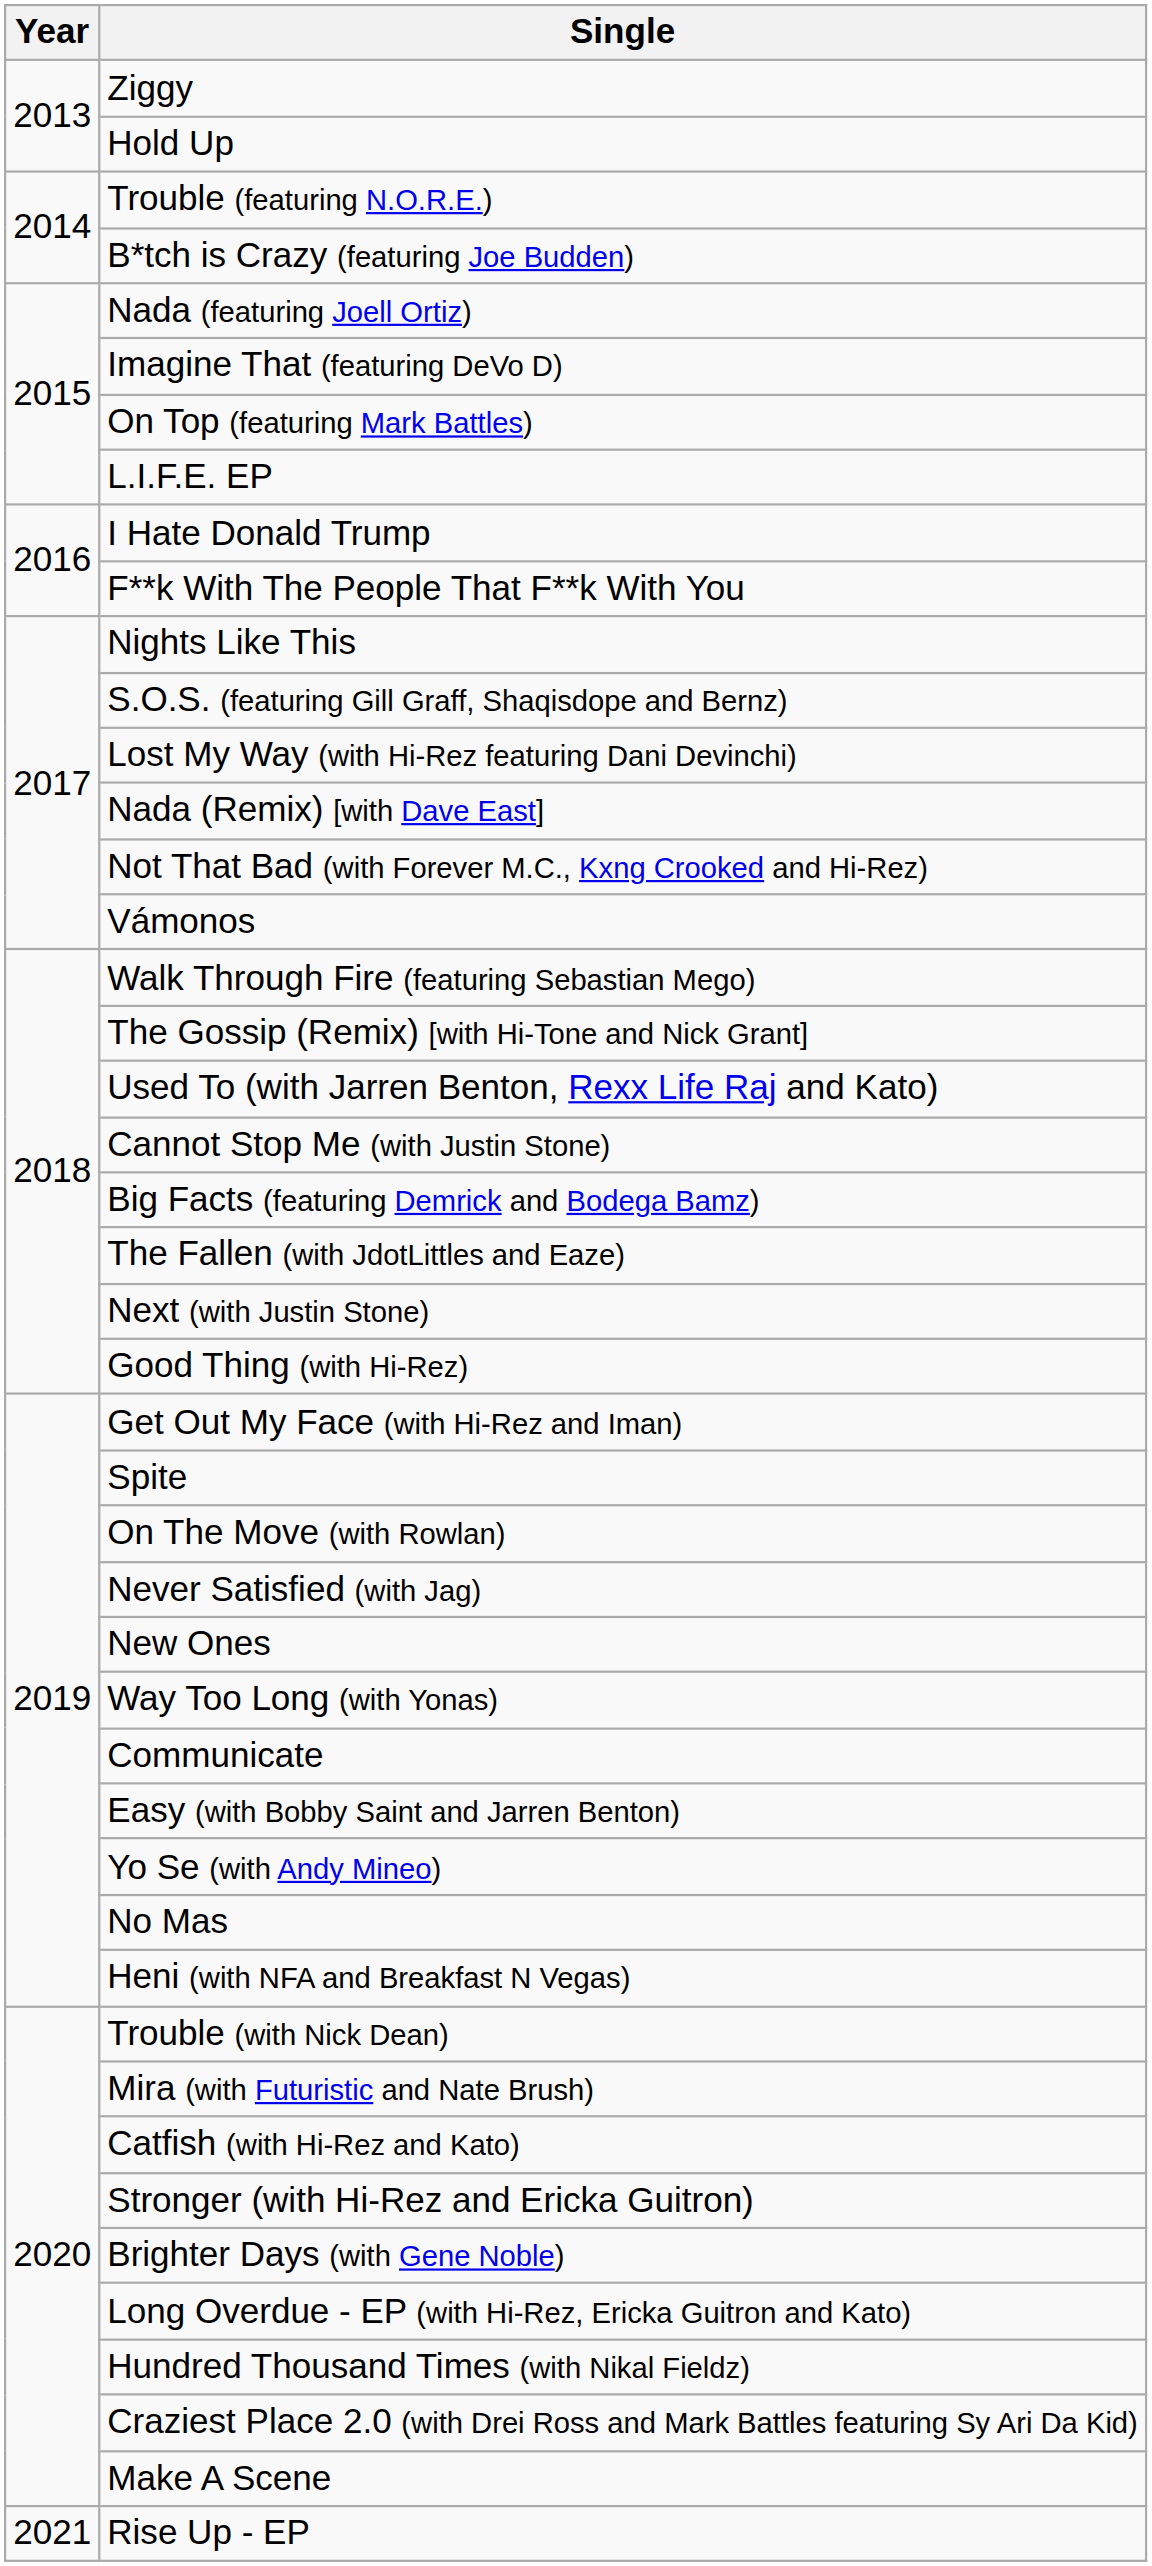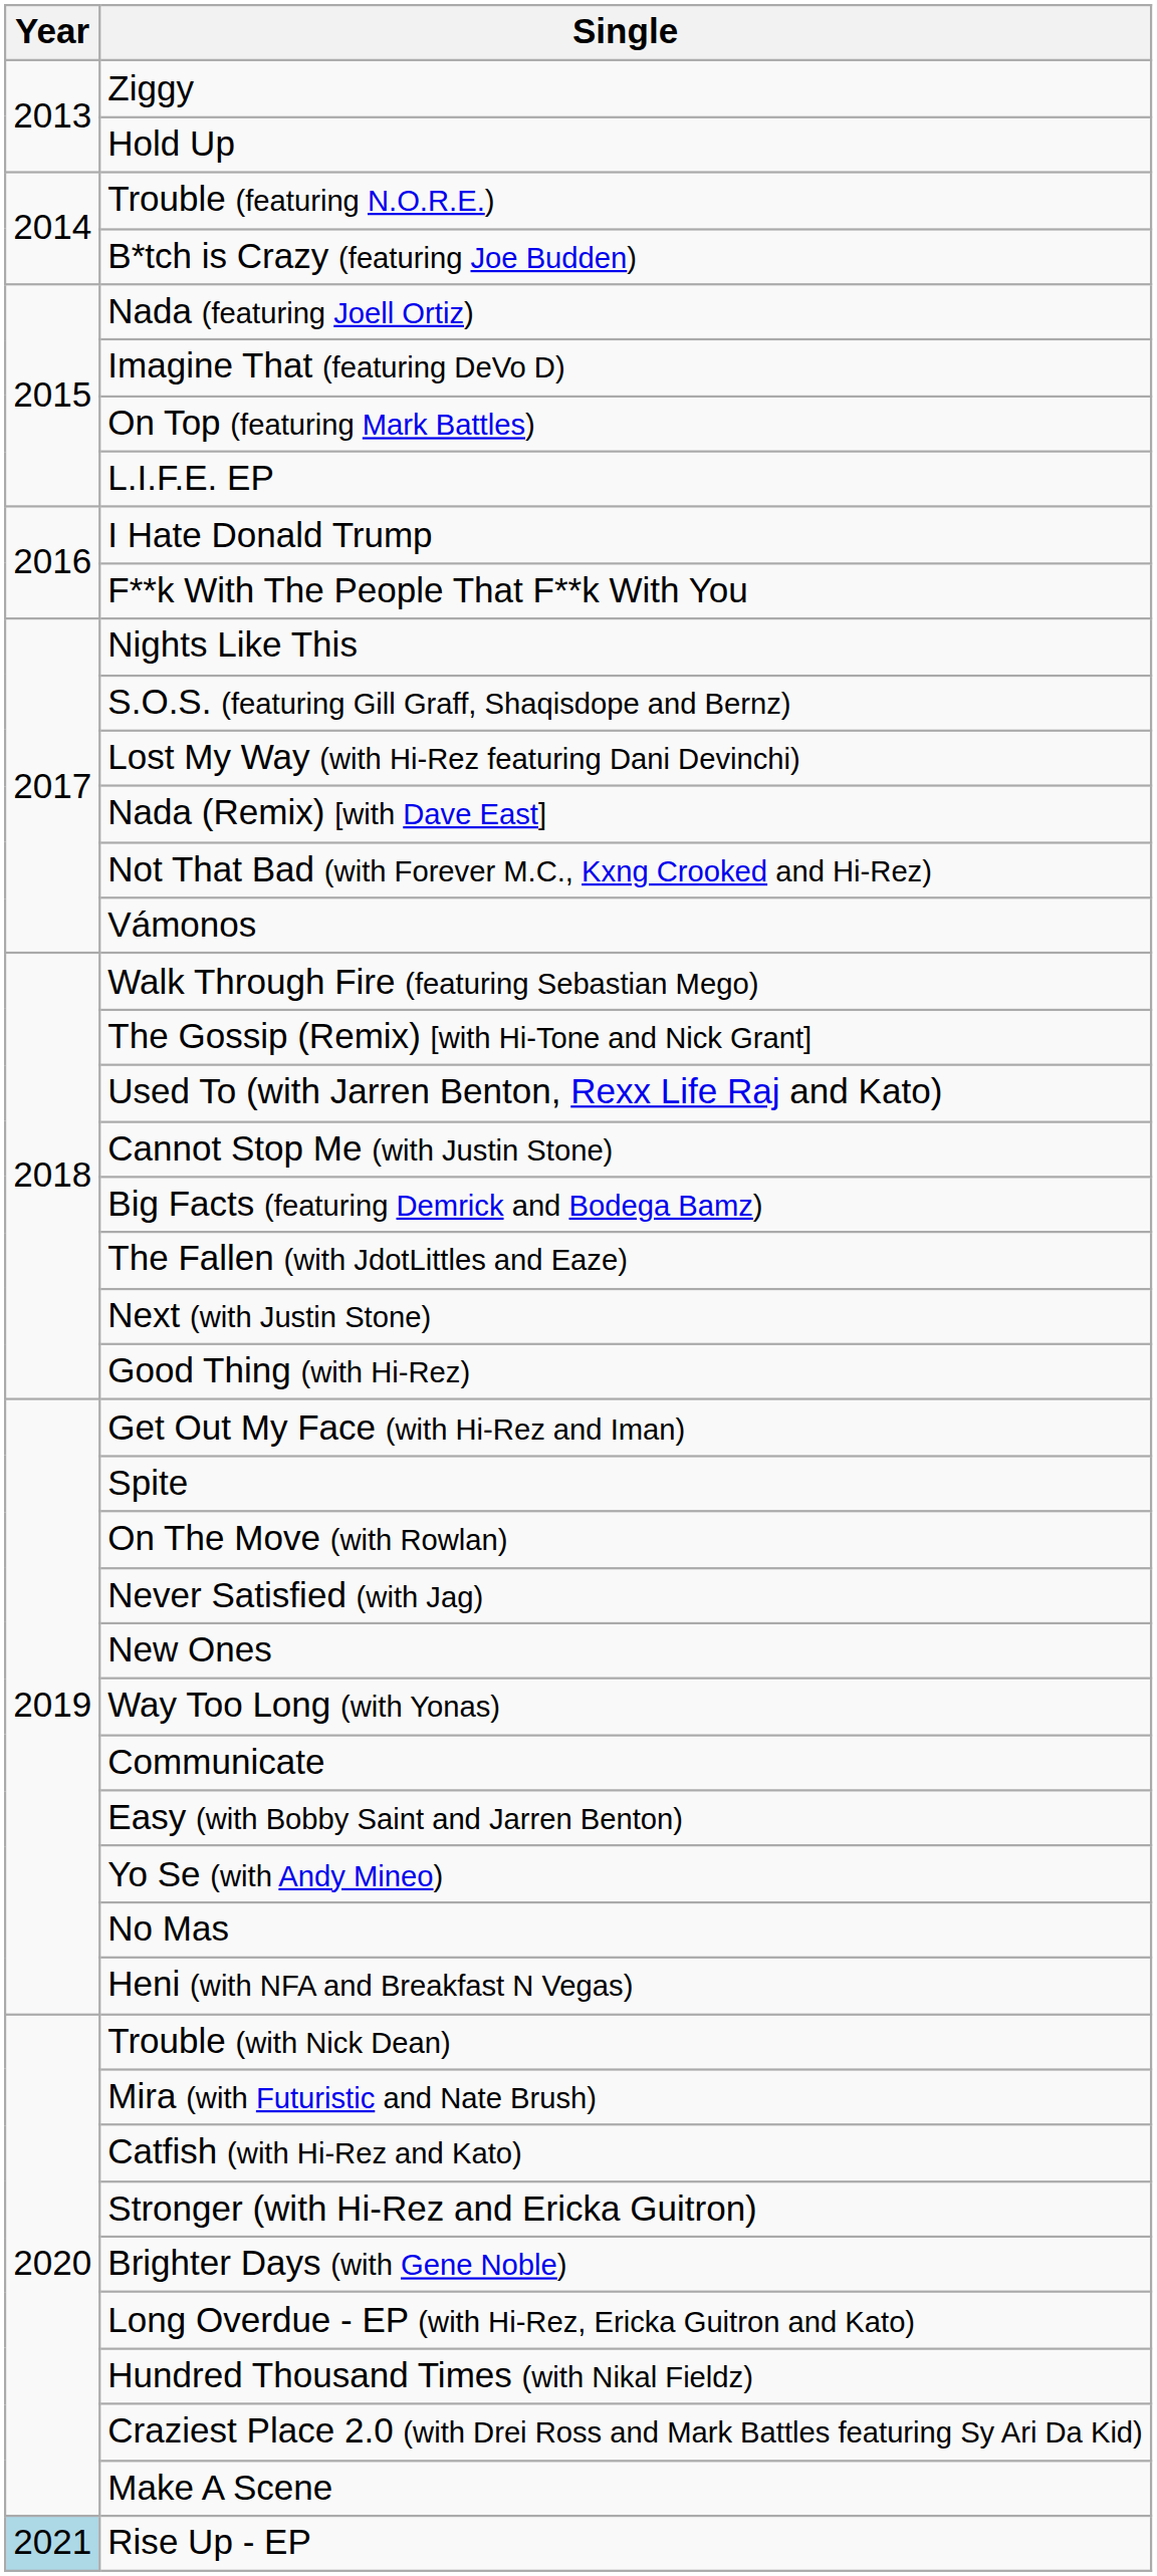 <table class="wikitable">
 <tr>
 <th>Year</th>
 <th>Single</th>
 </tr>
 <tr>
 <td rowspan="2">2013</td>
 <td>Ziggy</td>
 </tr>
 <tr>
 <td>Hold Up</td>
 </tr>
 <tr>
 <td rowspan="2">2014</td>
 <td>Trouble <small>(featuring <a href='#'>N.O.R.E.</a>)</small></td>
 </tr>
 <tr>
 <td>B*tch is Crazy <small>(featuring <a href='#'>Joe Budden</a>)</small></td>
 </tr>
 <tr>
 <td rowspan="4">2015</td>
 <td>Nada <small>(featuring <a href='#'>Joell Ortiz</a>)</small></td>
 </tr>
 <tr>
 <td>Imagine That <small>(featuring DeVo D)</small></td>
 </tr>
 <tr>
 <td>On Top <small>(featuring <a href='#'>Mark Battles</a>)</small></td>
 </tr>
 <tr>
 <td>L.I.F.E. EP</td>
 </tr>
 <tr>
 <td rowspan="2">2016</td>
 <td>I Hate Donald Trump</td>
 </tr>
 <tr>
 <td>F**k With The People That F**k With You</td>
 </tr>
 <tr>
 <td rowspan="6">2017</td>
 <td>Nights Like This</td>
 </tr>
 <tr>
 <td>S.O.S. <small>(featuring Gill Graff, Shaqisdope and Bernz)</small></td>
 </tr>
 <tr>
 <td>Lost My Way <small>(with Hi-Rez featuring Dani Devinchi)</small></td>
 </tr>
 <tr>
 <td>Nada (Remix) <small>[with <a href='#'>Dave East</a>]</small></td>
 </tr>
 <tr>
 <td>Not That Bad <small>(with Forever M.C., <a href='#'>Kxng Crooked</a> and Hi-Rez)</small></td>
 </tr>
 <tr>
 <td>Vámonos</td>
 </tr>
 <tr>
 <td rowspan="8">2018</td>
 <td>Walk Through Fire <small>(featuring Sebastian Mego)</small></td>
 </tr>
 <tr>
 <td>The Gossip (Remix) <small>[with Hi-Tone and Nick Grant]</small></td>
 </tr>
 <tr>
 <td>Used To (with Jarren Benton, <a href='#'>Rexx Life Raj</a> and Kato)</td>
 </tr>
 <tr>
 <td>Cannot Stop Me <small>(with Justin Stone)</small></td>
 </tr>
 <tr>
 <td>Big Facts <small>(featuring <a href='#'>Demrick</a> and <a href='#'>Bodega Bamz</a>)</small></td>
 </tr>
 <tr>
 <td>The Fallen <small>(with JdotLittles and Eaze)</small></td>
 </tr>
 <tr>
 <td>Next <small>(with Justin Stone)</small></td>
 </tr>
 <tr>
 <td>Good Thing <small>(with Hi-Rez)</small></td>
 </tr>
 <tr>
 <td rowspan="11">2019</td>
 <td>Get Out My Face <small>(with Hi-Rez and Iman)</small></td>
 </tr>
 <tr>
 <td>Spite</td>
 </tr>
 <tr>
 <td>On The Move <small>(with Rowlan)</small></td>
 </tr>
 <tr>
 <td>Never Satisfied <small>(with Jag)</small></td>
 </tr>
 <tr>
 <td>New Ones</td>
 </tr>
 <tr>
 <td>Way Too Long <small>(with Yonas)</small></td>
 </tr>
 <tr>
 <td>Communicate</td>
 </tr>
 <tr>
 <td>Easy <small>(with Bobby Saint and Jarren Benton)</small></td>
 </tr>
 <tr>
 <td>Yo Se <small>(with <a href='#'>Andy Mineo</a>)</small></td>
 </tr>
 <tr>
 <td>No Mas</td>
 </tr>
 <tr>
 <td>Heni <small>(with NFA and Breakfast N Vegas)</small></td>
 </tr>
 <tr>
 <td rowspan="9">2020</td>
 <td>Trouble <small>(with Nick Dean)</small></td>
 </tr>
 <tr>
 <td>Mira <small>(with <a href='#'>Futuristic</a> and Nate Brush)</small></td>
 </tr>
 <tr>
 <td>Catfish <small>(with Hi-Rez and Kato)</small></td>
 </tr>
 <tr>
 <td>Stronger (with Hi-Rez and Ericka Guitron)</td>
 </tr>
 <tr>
 <td>Brighter Days <small>(with <a href='#'>Gene Noble</a>)</small></td>
 </tr>
 <tr>
 <td>Long Overdue - EP <small>(with Hi-Rez, Ericka Guitron and Kato)</small></td>
 </tr>
 <tr>
 <td>Hundred Thousand Times <small>(with Nikal Fieldz)</small></td>
 </tr>
 <tr>
 <td>Craziest Place 2.0 <small>(with Drei Ross and Mark Battles featuring Sy Ari Da Kid)</small></td>
 </tr>
 <tr>
 <td>Make A Scene</td>
 </tr>
 <tr>
-<td>2021</td>
+<td style="background: lightblue;">2021</td>
 <td>Rise Up - EP</td>
 </tr>
 </table>
